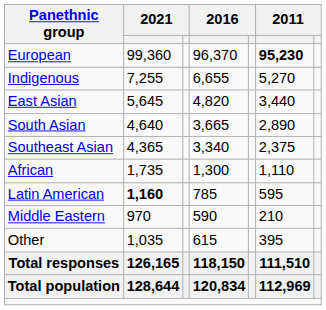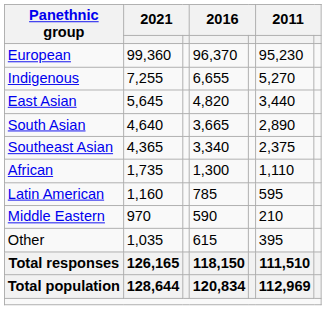 <table class="wikitable collapsible sortable">
 <tr>
 <th rowspan="2"><a href='#'>Panethnic</a><br>group</th>
 <th colspan="2">2021</th>
 <th colspan="2">2016</th>
 <th colspan="2">2011</th>
 </tr>
 <tr>
 <th><a href='#'></a></th>
 <th></th>
 <th></th>
 <th></th>
 <th></th>
 <th></th>
 </tr>
 <tr>
 <td><a href='#'>European</a></td>
 <td>99,360</td>
 <td></td>
 <td>96,370</td>
 <td></td>
-<td><strong>95,230</strong></td>
+<td>95,230</td>
 <td></td>
 </tr>
 <tr>
 <td><a href='#'>Indigenous</a></td>
 <td>7,255</td>
 <td></td>
 <td>6,655</td>
 <td></td>
 <td>5,270</td>
 <td></td>
 </tr>
 <tr>
 <td><a href='#'>East Asian</a></td>
 <td>5,645</td>
 <td></td>
 <td>4,820</td>
 <td></td>
 <td>3,440</td>
 <td></td>
 </tr>
 <tr>
 <td><a href='#'>South Asian</a></td>
 <td>4,640</td>
 <td></td>
 <td>3,665</td>
 <td></td>
 <td>2,890</td>
 <td></td>
 </tr>
 <tr>
 <td><a href='#'>Southeast Asian</a></td>
 <td>4,365</td>
 <td></td>
 <td>3,340</td>
 <td></td>
 <td>2,375</td>
 <td></td>
 </tr>
 <tr>
 <td><a href='#'>African</a></td>
 <td>1,735</td>
 <td></td>
 <td>1,300</td>
 <td></td>
 <td>1,110</td>
 <td></td>
 </tr>
 <tr>
 <td><a href='#'>Latin American</a></td>
-<td><strong>1,160</strong></td>
+<td>1,160</td>
 <td></td>
 <td>785</td>
 <td></td>
 <td>595</td>
 <td></td>
 </tr>
 <tr>
 <td><a href='#'>Middle Eastern</a></td>
 <td>970</td>
 <td></td>
 <td>590</td>
 <td></td>
 <td>210</td>
 <td></td>
 </tr>
 <tr>
 <td>Other</td>
 <td>1,035</td>
 <td></td>
 <td>615</td>
 <td></td>
 <td>395</td>
 <td></td>
 </tr>
 <tr>
 <th>Total responses</th>
 <th>126,165</th>
 <th></th>
 <th>118,150</th>
 <th></th>
 <th>111,510</th>
 <th></th>
 </tr>
 <tr>
 <th>Total population</th>
 <th>128,644</th>
 <th></th>
 <th>120,834</th>
 <th></th>
 <th>112,969</th>
 <th></th>
 </tr>
 <tr class="sortbottom">
 <td colspan="15"></td>
 </tr>
 </table>
